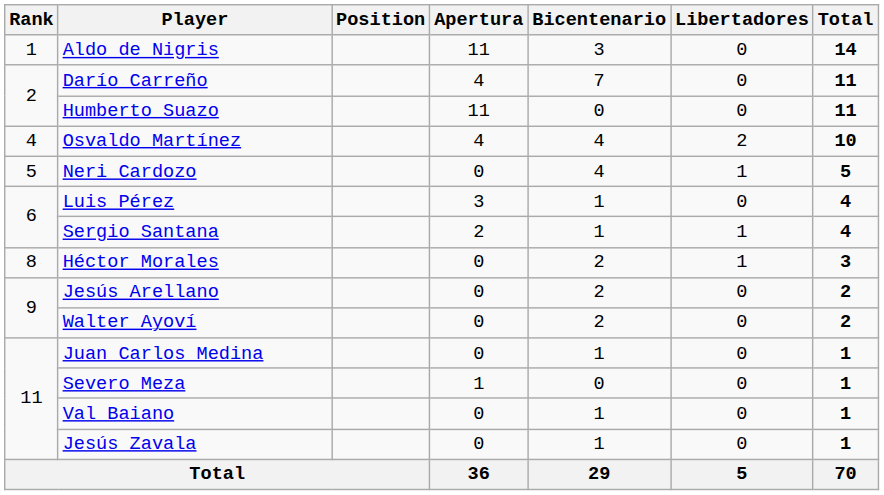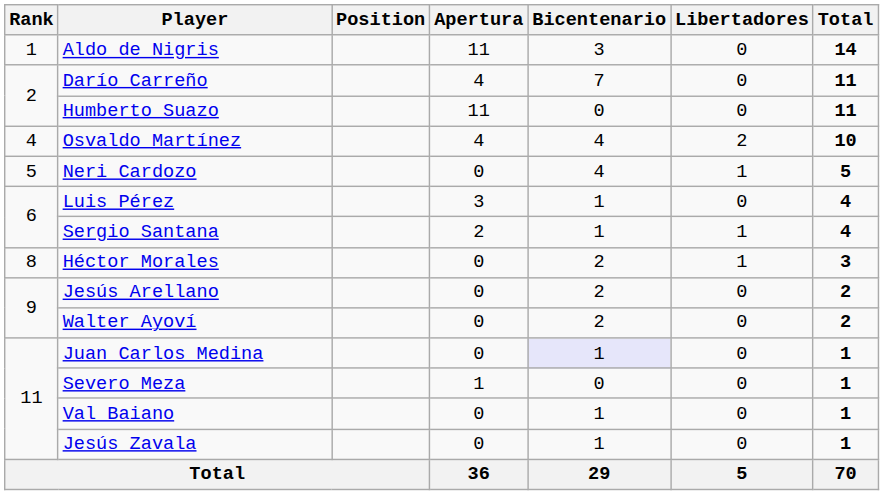 <table class="wikitable">
 <tr>
 <th>Rank</th>
 <th style="width:185px;">Player</th>
 <th>Position</th>
 <th>Apertura</th>
 <th>Bicentenario</th>
 <th>Libertadores</th>
 <th>Total</th>
 </tr>
 <tr>
 <td align=center>1</td>
 <td> <a href='#'>Aldo de Nigris</a></td>
 <td align=center></td>
 <td align=center>11</td>
 <td align=center>3</td>
 <td align=center>0</td>
 <td align=center><strong>14</strong></td>
 </tr>
 <tr>
 <td align=center rowspan=2>2</td>
 <td> <a href='#'>Darío Carreño</a></td>
 <td align=center></td>
 <td align=center>4</td>
 <td align=center>7</td>
 <td align=center>0</td>
 <td align=center><strong>11</strong></td>
 </tr>
 <tr>
 <td> <a href='#'>Humberto Suazo</a></td>
 <td align=center></td>
 <td align=center>11</td>
 <td align=center>0</td>
 <td align=center>0</td>
 <td align=center><strong>11</strong></td>
 </tr>
 <tr>
 <td align=center>4</td>
 <td> <a href='#'>Osvaldo Martínez</a></td>
 <td align=center></td>
 <td align=center>4</td>
 <td align=center>4</td>
 <td align=center>2</td>
 <td align=center><strong>10</strong></td>
 </tr>
 <tr>
 <td align=center>5</td>
 <td> <a href='#'>Neri Cardozo</a></td>
 <td align=center></td>
 <td align=center>0</td>
 <td align=center>4</td>
 <td align=center>1</td>
 <td align=center><strong>5</strong></td>
 </tr>
 <tr>
 <td align=center rowspan=2>6</td>
 <td> <a href='#'>Luis Pérez</a></td>
 <td align=center></td>
 <td align=center>3</td>
 <td align=center>1</td>
 <td align=center>0</td>
 <td align=center><strong>4</strong></td>
 </tr>
 <tr>
 <td> <a href='#'>Sergio Santana</a></td>
 <td align=center></td>
 <td align=center>2</td>
 <td align=center>1</td>
 <td align=center>1</td>
 <td align=center><strong>4</strong></td>
 </tr>
 <tr>
 <td align=center>8</td>
 <td> <a href='#'>Héctor Morales</a></td>
 <td align=center></td>
 <td align=center>0</td>
 <td align=center>2</td>
 <td align=center>1</td>
 <td align=center><strong>3</strong></td>
 </tr>
 <tr>
 <td align=center rowspan=2>9</td>
 <td> <a href='#'>Jesús Arellano</a></td>
 <td align=center></td>
 <td align=center>0</td>
 <td align=center>2</td>
 <td align=center>0</td>
 <td align=center><strong>2</strong></td>
 </tr>
 <tr>
 <td> <a href='#'>Walter Ayoví</a></td>
 <td align=center></td>
 <td align=center>0</td>
 <td align=center>2</td>
 <td align=center>0</td>
 <td align=center><strong>2</strong></td>
 </tr>
 <tr>
 <td align=center rowspan=4>11</td>
 <td> <a href='#'>Juan Carlos Medina</a></td>
 <td align=center></td>
 <td align=center>0</td>
-<td align=center>1</td>
+<td align=center style="background: lavender;">1</td>
 <td align=center>0</td>
 <td align=center><strong>1</strong></td>
 </tr>
 <tr>
 <td> <a href='#'>Severo Meza</a></td>
 <td align=center></td>
 <td align=center>1</td>
 <td align=center>0</td>
 <td align=center>0</td>
 <td align=center><strong>1</strong></td>
 </tr>
 <tr>
 <td> <a href='#'>Val Baiano</a></td>
 <td align=center></td>
 <td align=center>0</td>
 <td align=center>1</td>
 <td align=center>0</td>
 <td align=center><strong>1</strong></td>
 </tr>
 <tr>
 <td> <a href='#'>Jesús Zavala</a></td>
 <td align=center></td>
 <td align=center>0</td>
 <td align=center>1</td>
 <td align=center>0</td>
 <td align=center><strong>1</strong></td>
 </tr>
 <tr>
 <th colspan=3>Total</th>
 <th>36</th>
 <th>29</th>
 <th>5</th>
 <th>70</th>
 </tr>
 </table>
